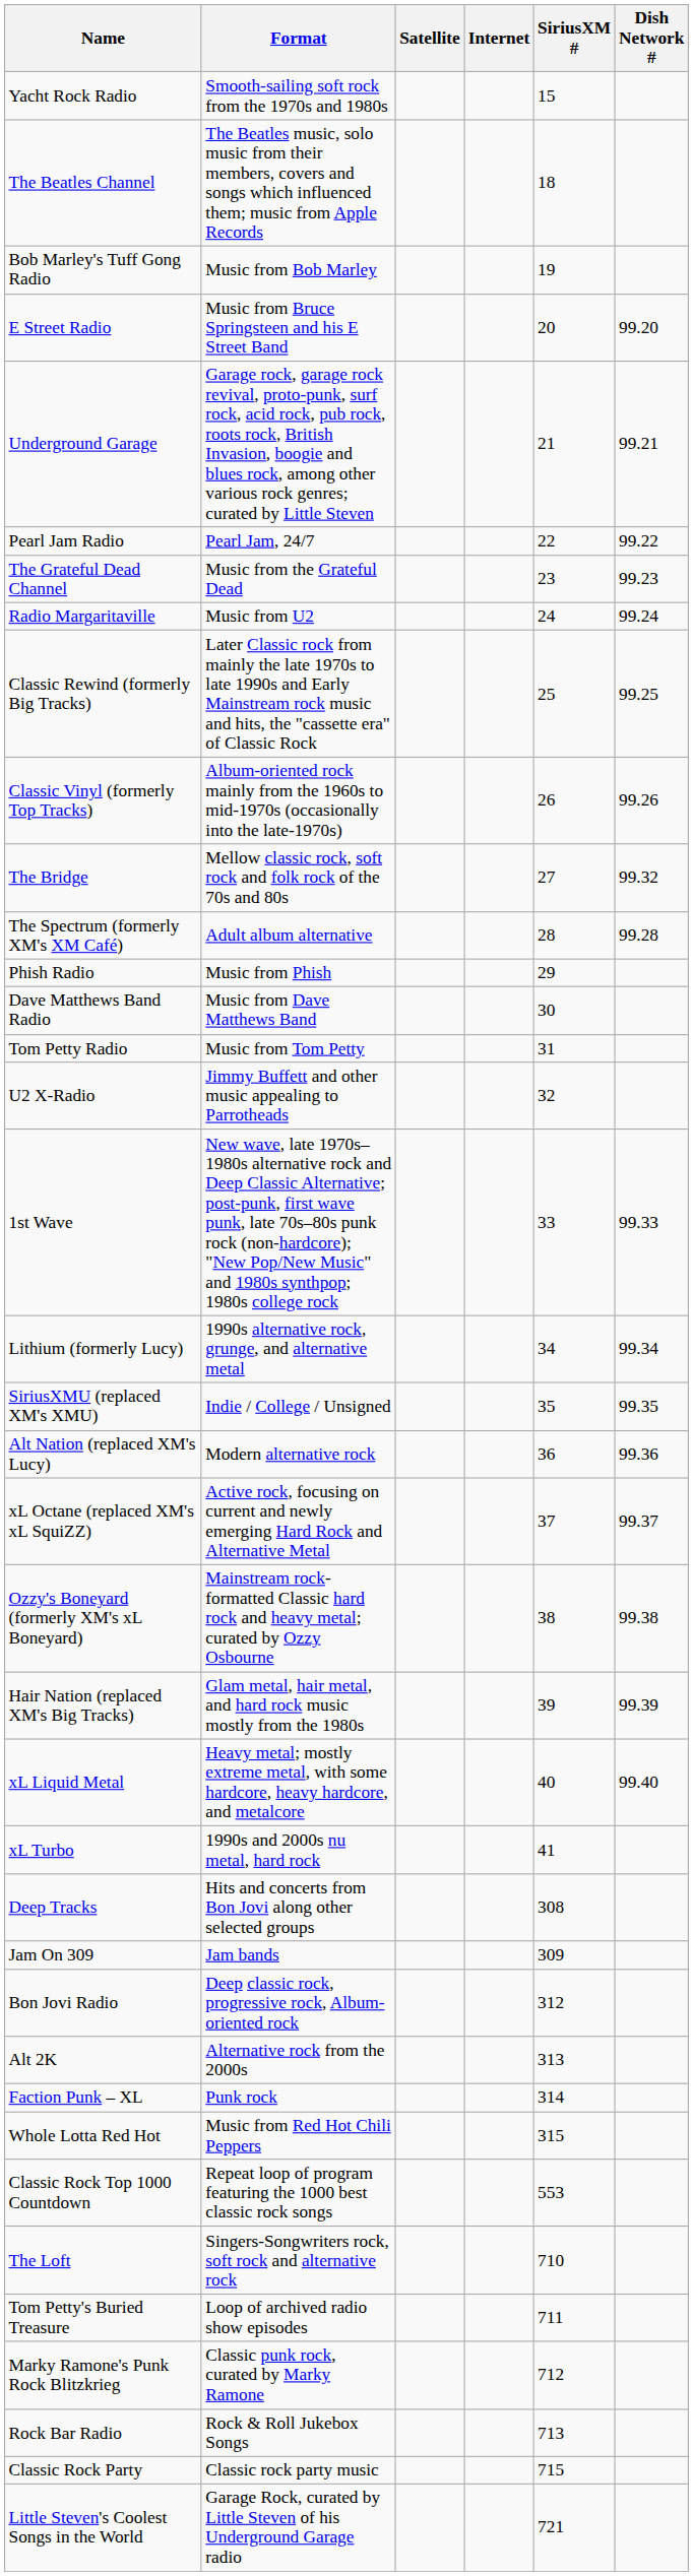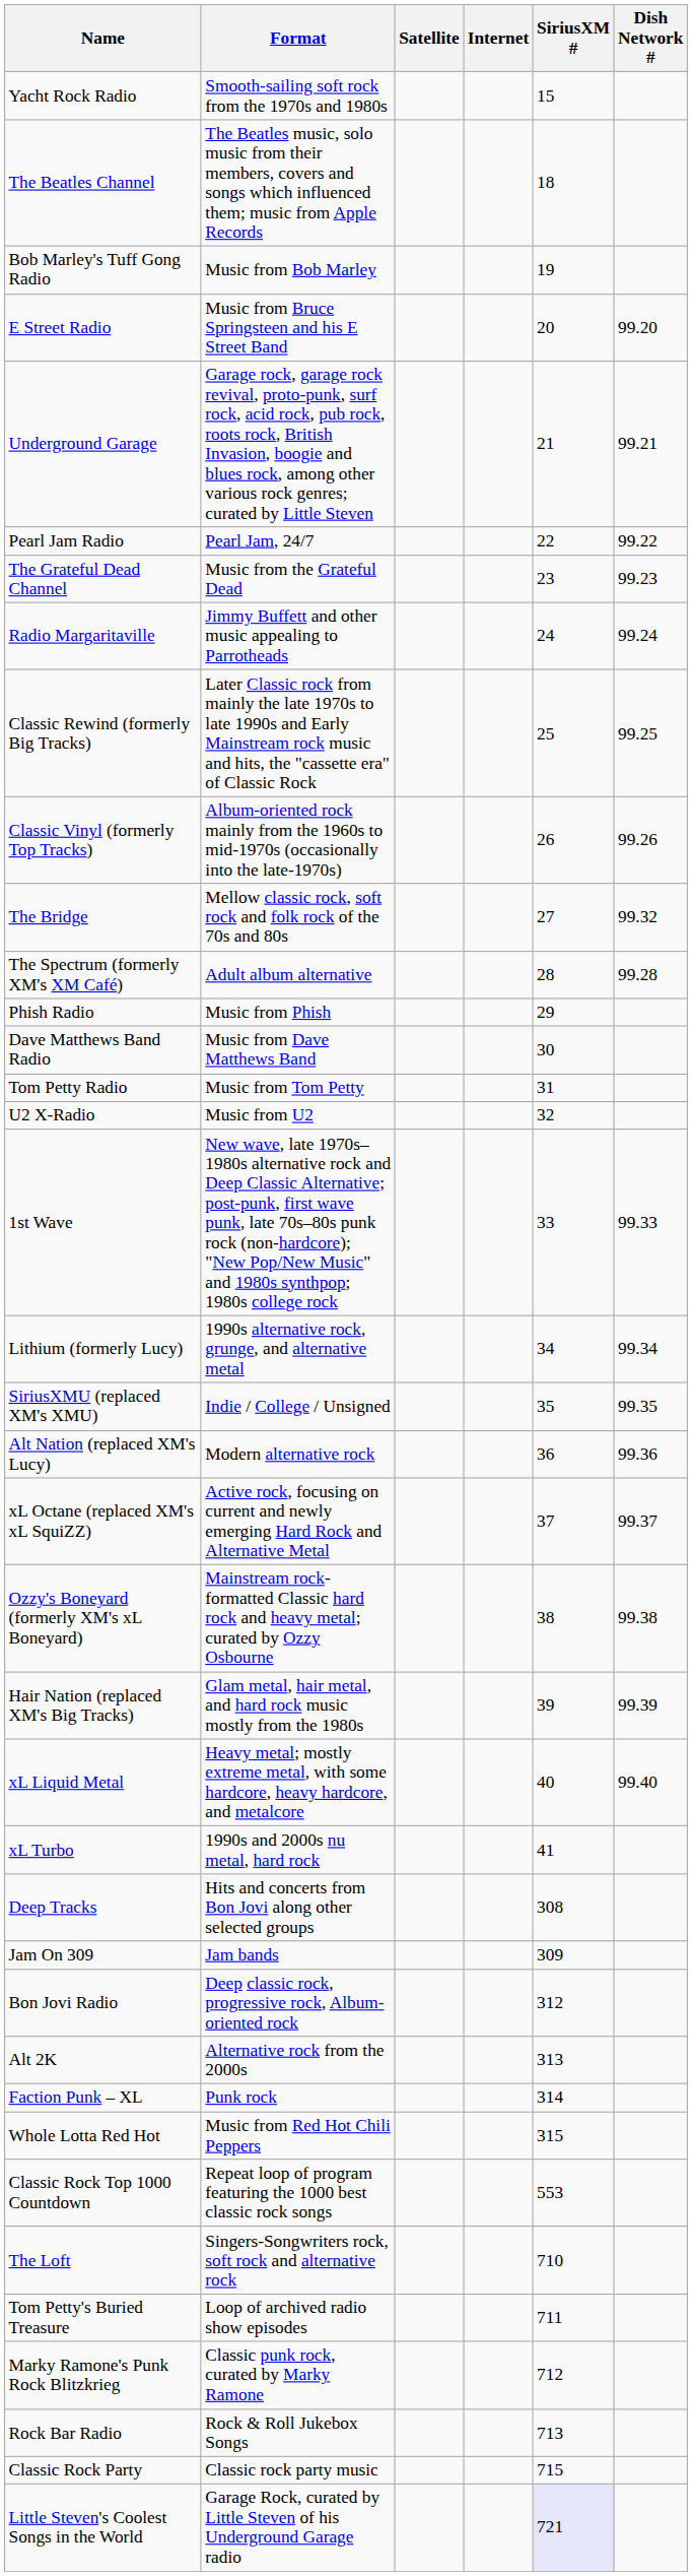 <table class="wikitable sortable" style="width:100%;">
 <tr>
 <th width="40%">Name</th>
 <th width="40%"><a href='#'>Format</a></th>
 <th width="10%">Satellite</th>
 <th width="10%">Internet</th>
 <th width="10%">SiriusXM #</th>
 <th width="100%">Dish Network #</th>
 </tr>
 <tr>
 <td>Yacht Rock Radio</td>
 <td><a href='#'>Smooth-sailing soft rock</a> from the 1970s and 1980s</td>
 <td></td>
 <td></td>
 <td>15</td>
 <td></td>
 </tr>
 <tr>
 <td><a href='#'>The Beatles Channel</a></td>
 <td><a href='#'>The Beatles</a> music, solo music from their members, covers and songs which influenced them; music from <a href='#'>Apple Records</a></td>
 <td></td>
 <td></td>
 <td>18</td>
 <td></td>
 </tr>
 <tr>
 <td>Bob Marley's Tuff Gong Radio</td>
 <td>Music from <a href='#'>Bob Marley</a></td>
 <td></td>
 <td></td>
 <td>19</td>
 <td></td>
 </tr>
 <tr>
 <td><a href='#'>E Street Radio</a></td>
 <td>Music from <a href='#'>Bruce Springsteen and his E Street Band</a></td>
 <td></td>
 <td></td>
 <td>20</td>
 <td>99.20</td>
 </tr>
 <tr>
 <td><a href='#'>Underground Garage</a></td>
 <td><a href='#'>Garage rock</a>, <a href='#'>garage rock revival</a>, <a href='#'>proto-punk</a>, <a href='#'>surf rock</a>, <a href='#'>acid rock</a>, <a href='#'>pub rock</a>, <a href='#'>roots rock</a>,  <a href='#'>British Invasion</a>, <a href='#'>boogie</a> and <a href='#'>blues rock</a>, among other various rock genres; curated by <a href='#'>Little Steven</a></td>
 <td></td>
 <td></td>
 <td>21</td>
 <td>99.21</td>
 </tr>
 <tr>
 <td>Pearl Jam Radio</td>
 <td><a href='#'>Pearl Jam</a>, 24/7</td>
 <td></td>
 <td></td>
 <td>22</td>
 <td>99.22</td>
 </tr>
 <tr>
 <td><a href='#'>The Grateful Dead Channel</a></td>
 <td>Music from the <a href='#'>Grateful Dead</a></td>
 <td></td>
 <td></td>
 <td>23</td>
 <td>99.23</td>
 </tr>
 <tr>
 <td><a href='#'>Radio Margaritaville</a></td>
-<td>Music from <a href='#'>U2</a></td>
+<td><a href='#'>Jimmy Buffett</a> and other music appealing to <a href='#'>Parrotheads</a></td>
 <td></td>
 <td></td>
 <td>24</td>
 <td>99.24</td>
 </tr>
 <tr>
 <td>Classic Rewind (formerly Big Tracks)</td>
 <td>Later <a href='#'>Classic rock</a> from mainly the late 1970s to late 1990s and Early <a href='#'>Mainstream rock</a> music and hits, the "cassette era" of Classic Rock</td>
 <td></td>
 <td></td>
 <td>25</td>
 <td>99.25</td>
 </tr>
 <tr>
 <td><a href='#'>Classic Vinyl</a> (formerly <a href='#'>Top Tracks</a>)</td>
 <td><a href='#'>Album-oriented rock</a> mainly from the 1960s to mid-1970s (occasionally into the late-1970s)</td>
 <td></td>
 <td></td>
 <td>26</td>
 <td>99.26</td>
 </tr>
 <tr>
 <td><a href='#'>The Bridge</a></td>
 <td>Mellow <a href='#'>classic rock</a>, <a href='#'>soft rock</a> and <a href='#'>folk rock</a> of the 70s and 80s</td>
 <td></td>
 <td></td>
 <td>27</td>
 <td>99.32</td>
 </tr>
 <tr>
 <td>The Spectrum (formerly XM's <a href='#'>XM Café</a>)</td>
 <td><a href='#'>Adult album alternative</a></td>
 <td></td>
 <td></td>
 <td>28</td>
 <td>99.28</td>
 </tr>
 <tr>
 <td>Phish Radio</td>
 <td>Music from <a href='#'>Phish</a></td>
 <td></td>
 <td></td>
 <td>29</td>
 <td></td>
 </tr>
 <tr>
 <td>Dave Matthews Band Radio</td>
 <td>Music from <a href='#'>Dave Matthews Band</a></td>
 <td></td>
 <td></td>
 <td>30</td>
 <td></td>
 </tr>
 <tr>
 <td>Tom Petty Radio</td>
 <td>Music from <a href='#'>Tom Petty</a></td>
 <td></td>
 <td></td>
 <td>31</td>
 <td></td>
 </tr>
 <tr>
 <td>U2 X-Radio</td>
-<td><a href='#'>Jimmy Buffett</a> and other music appealing to <a href='#'>Parrotheads</a></td>
+<td>Music from <a href='#'>U2</a></td>
 <td></td>
 <td></td>
 <td>32</td>
 <td></td>
 </tr>
 <tr>
 <td>1st Wave</td>
 <td><a href='#'>New wave</a>, late 1970s–1980s alternative rock and <a href='#'>Deep Classic Alternative</a>; <a href='#'>post-punk</a>, <a href='#'>first wave punk</a>, late 70s–80s punk rock (non-<a href='#'>hardcore</a>); "<a href='#'>New Pop/New Music</a>" and <a href='#'>1980s synthpop</a>; 1980s <a href='#'>college rock</a></td>
 <td></td>
 <td></td>
 <td>33</td>
 <td>99.33</td>
 </tr>
 <tr>
 <td>Lithium (formerly Lucy)</td>
 <td>1990s <a href='#'>alternative rock</a>, <a href='#'>grunge</a>, and <a href='#'>alternative metal</a></td>
 <td></td>
 <td></td>
 <td>34</td>
 <td>99.34</td>
 </tr>
 <tr>
 <td><a href='#'>SiriusXMU</a> (replaced XM's XMU)</td>
 <td><a href='#'>Indie</a> / <a href='#'>College</a> / Unsigned</td>
 <td></td>
 <td></td>
 <td>35</td>
 <td>99.35</td>
 </tr>
 <tr>
 <td><a href='#'>Alt Nation</a> (replaced XM's Lucy)</td>
 <td>Modern <a href='#'>alternative rock</a></td>
 <td></td>
 <td></td>
 <td>36</td>
 <td>99.36</td>
 </tr>
 <tr>
 <td>xL Octane (replaced XM's xL SquiZZ)</td>
 <td><a href='#'>Active rock</a>, focusing on current and newly emerging <a href='#'>Hard Rock</a> and <a href='#'>Alternative Metal</a></td>
 <td></td>
 <td></td>
 <td>37</td>
 <td>99.37</td>
 </tr>
 <tr>
 <td><a href='#'>Ozzy's Boneyard</a> (formerly XM's xL Boneyard)</td>
 <td><a href='#'>Mainstream rock</a>-formatted Classic <a href='#'>hard rock</a> and <a href='#'>heavy metal</a>; curated by <a href='#'>Ozzy Osbourne</a></td>
 <td></td>
 <td></td>
 <td>38</td>
 <td>99.38</td>
 </tr>
 <tr>
 <td>Hair Nation (replaced XM's Big Tracks)</td>
 <td><a href='#'>Glam metal</a>, <a href='#'>hair metal</a>, and <a href='#'>hard rock</a> music mostly from the 1980s</td>
 <td></td>
 <td></td>
 <td>39</td>
 <td>99.39</td>
 </tr>
 <tr>
 <td><a href='#'>xL Liquid Metal</a></td>
 <td><a href='#'>Heavy metal</a>; mostly <a href='#'>extreme metal</a>, with some <a href='#'>hardcore</a>, <a href='#'>heavy hardcore</a>, and <a href='#'>metalcore</a></td>
 <td></td>
 <td></td>
 <td>40</td>
 <td>99.40</td>
 </tr>
 <tr>
 <td><a href='#'>xL Turbo</a></td>
 <td>1990s and 2000s <a href='#'>nu metal</a>, <a href='#'>hard rock</a></td>
 <td></td>
 <td></td>
 <td>41</td>
 <td></td>
 </tr>
 <tr>
 <td><a href='#'>Deep Tracks</a></td>
 <td>Hits and concerts from <a href='#'>Bon Jovi</a> along other selected groups</td>
 <td></td>
 <td></td>
 <td>308</td>
 <td></td>
 </tr>
 <tr>
 <td>Jam On 309</td>
 <td><a href='#'>Jam bands</a></td>
 <td></td>
 <td></td>
 <td>309</td>
 <td></td>
 </tr>
 <tr>
 <td>Bon Jovi Radio</td>
 <td><a href='#'>Deep</a> <a href='#'>classic rock</a>, <a href='#'>progressive rock</a>, <a href='#'>Album-oriented rock</a></td>
 <td></td>
 <td></td>
 <td>312</td>
 <td></td>
 </tr>
 <tr>
 <td>Alt 2K</td>
 <td><a href='#'>Alternative rock</a> from the 2000s</td>
 <td></td>
 <td></td>
 <td>313</td>
 <td></td>
 </tr>
 <tr>
 <td><a href='#'>Faction Punk</a> – XL</td>
 <td><a href='#'>Punk rock</a></td>
 <td></td>
 <td></td>
 <td>314</td>
 <td></td>
 </tr>
 <tr>
 <td>Whole Lotta Red Hot</td>
 <td>Music from <a href='#'>Red Hot Chili Peppers</a></td>
 <td></td>
 <td></td>
 <td>315</td>
 <td></td>
 </tr>
 <tr>
 <td>Classic Rock Top 1000 Countdown</td>
 <td>Repeat loop of program featuring the 1000 best classic rock songs</td>
 <td></td>
 <td></td>
 <td>553</td>
 <td></td>
 </tr>
 <tr>
 <td><a href='#'>The Loft</a></td>
 <td>Singers-Songwriters rock, <a href='#'>soft rock</a> and <a href='#'>alternative rock</a></td>
 <td></td>
 <td></td>
 <td>710</td>
 <td></td>
 </tr>
 <tr>
 <td>Tom Petty's Buried Treasure</td>
 <td>Loop of archived radio show episodes</td>
 <td></td>
 <td></td>
 <td>711</td>
 <td></td>
 </tr>
 <tr>
 <td>Marky Ramone's Punk Rock Blitzkrieg</td>
 <td>Classic <a href='#'>punk rock</a>, curated by <a href='#'>Marky Ramone</a></td>
 <td></td>
 <td></td>
 <td>712</td>
 <td></td>
 </tr>
 <tr>
 <td>Rock Bar Radio</td>
 <td>Rock & Roll Jukebox Songs</td>
 <td></td>
 <td></td>
 <td>713</td>
 <td></td>
 </tr>
 <tr>
 <td>Classic Rock Party</td>
 <td>Classic rock party music</td>
 <td></td>
 <td></td>
 <td>715</td>
 <td></td>
 </tr>
 <tr>
 <td><a href='#'>Little Steven</a>'s Coolest Songs in the World</td>
 <td>Garage Rock, curated by <a href='#'>Little Steven</a> of his <a href='#'>Underground Garage</a> radio</td>
 <td></td>
 <td></td>
-<td>721</td>
+<td style="background: lavender;">721</td>
 <td></td>
 </tr>
 </table>
